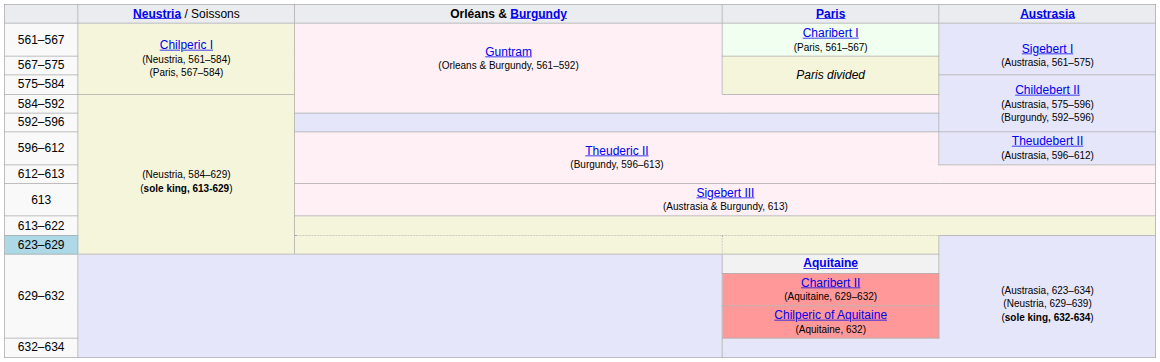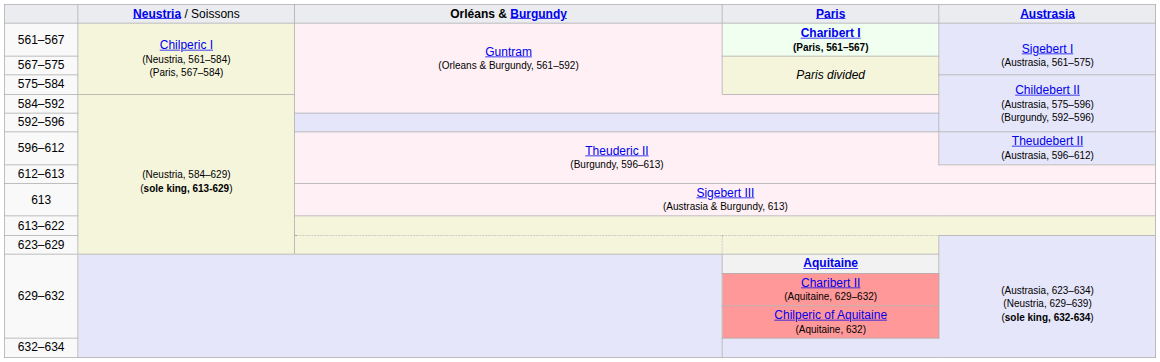 <table class="wikitable" width="97%" style="text-align:center;">
 <tr valign="bottom" align="center" bgcolor="#EAECF0">
 <td width="80px"></td>
 <td width="250px"><strong><a href='#'>Neustria</a></strong> / Soissons</td>
 <td width="500px"><strong>Orléans & <a href='#'>Burgundy</a></strong></td>
 <td width="250px"><strong><a href='#'>Paris</a></strong></td>
 <td width="250px"><strong><a href='#'>Austrasia</a></strong></td>
 </tr>
 <tr align="center">
 <td>561–567</td>
 <td rowspan="3" bgcolor="#F5F5DC"><a href='#'>Chilperic I</a><br><small>(Neustria, 561–584)<br>(Paris, 567–584)</small></td>
 <td rowspan="3" style="border-bottom-style:none;" bgcolor="#fff0f5"><a href='#'>Guntram</a><br><small>(Orleans & Burgundy, 561–592)</small></td>
-<td colspan="1" bgcolor="#F0FFF0"><a href='#'>Charibert I</a><br><small>(Paris, 561–567) </small></td>
+<td colspan="1" bgcolor="#F0FFF0"><strong><a href='#'>Charibert I</a><br><small>(Paris, 561–567) </small></strong></td>
 <td rowspan="2" bgcolor="#e6e6fa"><br><a href='#'>Sigebert I</a><br><small>(Austrasia, 561–575)</small></td>
 </tr>
 <tr align="center">
 <td>567–575</td>
 <td colspan="1" rowspan="2" bgcolor="#f5f5dc"><em>Paris divided</em></td>
 </tr>
 <tr align="center">
 <td>575–584</td>
 <td rowspan="3" bgcolor="#e6e6fa"><a href='#'>Childebert II</a><br><small>(Austrasia, 575–596)<br>(Burgundy, 592–596)</small></td>
 </tr>
 <tr align="center">
 <td>584–592</td>
 <td rowspan="7" style="border-bottom-style:none;" bgcolor="#f5f5dc"><strong></strong><br><small>(Neustria, 584–629)<br>(<strong>sole king, 613-629</strong>)</small></td>
 <td colspan="2" style="border-left-style:none; border-top-style:none;" bgcolor="#fff0f5"></td>
 </tr>
 <tr align="center">
 <td>592–596</td>
 <td colspan="2" style="border-right-style: none;" bgcolor="#e6e6fa"> </td>
 </tr>
 <tr align="center">
 <td>596–612</td>
 <td colspan="2" rowspan="2" style=" border-right-style: none;" bgcolor="#fff0f5"><a href='#'>Theuderic II</a><br><small>(Burgundy, 596–613)</small></td>
 <td bgcolor="#e6e6fa"><a href='#'>Theudebert II</a><br><small> (Austrasia, 596–612) </small></td>
 </tr>
 <tr align="center">
 <td>612–613</td>
 <td style="border-left-style: none;" bgcolor="#fff0f5"> </td>
 </tr>
 <tr align="center">
 <td>613</td>
 <td colspan="3" bgcolor="#fff0f5"><a href='#'>Sigebert III</a> <br><small>(Austrasia & Burgundy, 613)</small></td>
 </tr>
 <tr align="center">
 <td>613–622</td>
 <td colspan="3" bgcolor="#f5f5dc" style="border-bottom-style: dotted; border-left-style: dotted; background: beige;"></td>
 </tr>
 <tr align="center">
-<td style="background: lightblue;">623–629</td>
+<td>623–629</td>
 <td bgcolor="#f5f5dc" style="border-top-style: none; border-left-style: dotted; border-right-style: dotted;"></td>
 <td bgcolor="#f5f5dc" style="border-top-style: none; border-left-style: dotted;"></td>
 <td rowspan="5" bgcolor="#e6e6fa" style="border-left-style: none;"><strong></strong> <br><small>(Austrasia, 623–634)<br>(Neustria, 629–639)<br>(<strong>sole king, 632-634</strong>)</small></td>
 </tr>
 <tr align="center">
 <td rowspan="3">629–632</td>
 <td colspan="2" rowspan="4" bgcolor="#e6e6fa"></td>
 <th valign="top" bgcolor="#f2f2f2"><strong><a href='#'>Aquitaine</a></strong></th>
 </tr>
 <tr align="center">
 <td valign="top" bgcolor="#ff9999"><a href='#'>Charibert II</a><br><small> (Aquitaine, 629–632)</small></td>
 </tr>
 <tr align="center">
 <td valign="top" bgcolor="#ff9999"><a href='#'>Chilperic of Aquitaine</a><br><small> (Aquitaine, 632)</small></td>
 </tr>
 <tr align="center">
 <td>632–634</td>
 <td colspan="2" style="border-right-style: none;" bgcolor="#e6e6fa"> </td>
 </tr>
 </table>
